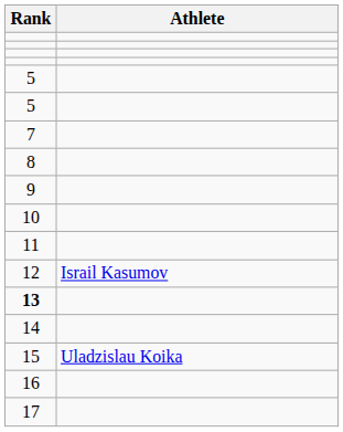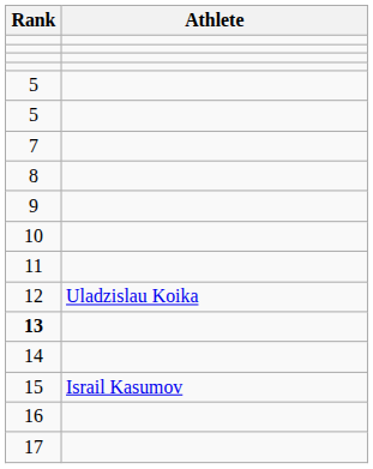 <table class="wikitable" style="text-align: center;">
 <tr>
 <th width=40>Rank</th>
 <th width=250>Athlete</th>
 </tr>
 <tr>
 <td></td>
 <td align="left"></td>
 </tr>
 <tr>
 <td></td>
 <td align="left"></td>
 </tr>
 <tr>
 <td></td>
 <td align="left"></td>
 </tr>
 <tr>
 <td></td>
 <td align="left"></td>
 </tr>
 <tr>
 <td>5</td>
 <td align="left"></td>
 </tr>
 <tr>
 <td>5</td>
 <td align="left"></td>
 </tr>
 <tr>
 <td>7</td>
 <td align="left"></td>
 </tr>
 <tr>
 <td>8</td>
 <td align="left"></td>
 </tr>
 <tr>
 <td>9</td>
 <td align="left"></td>
 </tr>
 <tr>
 <td>10</td>
 <td align="left"></td>
 </tr>
 <tr>
 <td>11</td>
 <td align="left"></td>
 </tr>
 <tr>
 <td>12</td>
-<td align="left"> <a href='#'>Israil Kasumov</a> </td>
+<td align="left"> <a href='#'>Uladzislau Koika</a> </td>
 </tr>
 <tr>
 <td><strong>13</strong></td>
 <td align="left"></td>
 </tr>
 <tr>
 <td>14</td>
 <td align="left"></td>
 </tr>
 <tr>
 <td>15</td>
-<td align="left"> <a href='#'>Uladzislau Koika</a> </td>
+<td align="left"> <a href='#'>Israil Kasumov</a> </td>
 </tr>
 <tr>
 <td>16</td>
 <td align="left"></td>
 </tr>
 <tr>
 <td>17</td>
 <td align="left"></td>
 </tr>
 </table>
